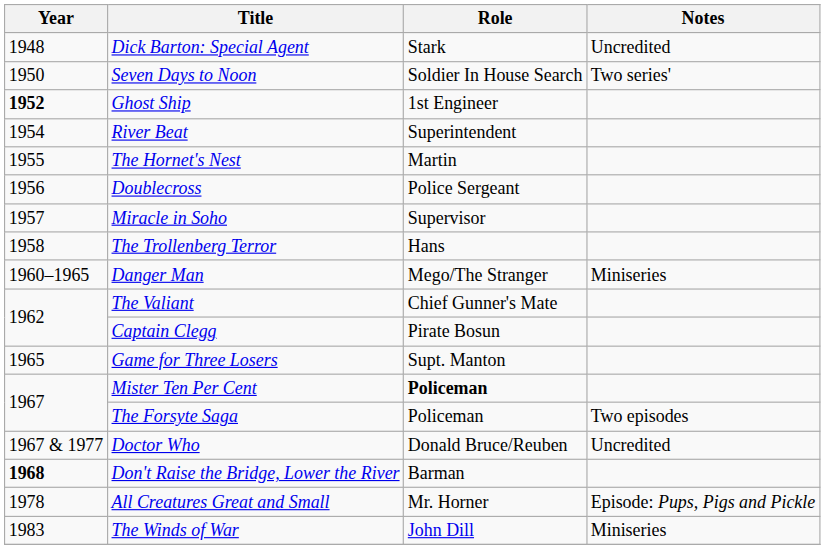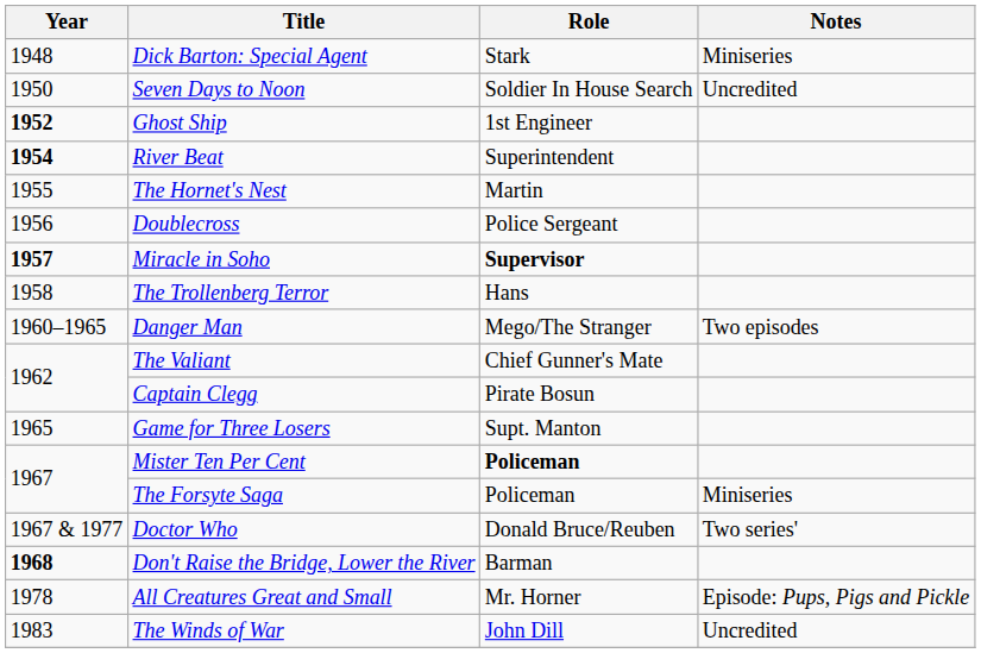 <table class="wikitable">
 <tr>
 <th>Year</th>
 <th>Title</th>
 <th>Role</th>
 <th>Notes</th>
 </tr>
 <tr>
 <td>1948</td>
 <td><em><a href='#'>Dick Barton: Special Agent</a></em></td>
 <td>Stark</td>
-<td>Uncredited</td>
+<td>Miniseries</td>
 </tr>
 <tr>
 <td>1950</td>
 <td><em><a href='#'>Seven Days to Noon</a></em></td>
 <td>Soldier In House Search</td>
-<td>Two series'</td>
+<td>Uncredited</td>
 </tr>
 <tr>
 <td><strong>1952</strong></td>
 <td><em><a href='#'>Ghost Ship</a></em></td>
 <td>1st Engineer</td>
 <td></td>
 </tr>
 <tr>
-<td>1954</td>
+<td><strong>1954</strong></td>
 <td><em><a href='#'>River Beat</a></em></td>
 <td>Superintendent</td>
 <td></td>
 </tr>
 <tr>
 <td>1955</td>
 <td><em><a href='#'>The Hornet's Nest</a></em></td>
 <td>Martin</td>
 <td></td>
 </tr>
 <tr>
 <td>1956</td>
 <td><em><a href='#'>Doublecross</a></em></td>
 <td>Police Sergeant</td>
 <td></td>
 </tr>
 <tr>
-<td>1957</td>
+<td><strong>1957</strong></td>
 <td><em><a href='#'>Miracle in Soho</a></em></td>
-<td>Supervisor</td>
+<td><strong>Supervisor</strong></td>
 <td></td>
 </tr>
 <tr>
 <td>1958</td>
 <td><em><a href='#'>The Trollenberg Terror</a></em></td>
 <td>Hans</td>
 <td></td>
 </tr>
 <tr>
 <td>1960–1965</td>
 <td><em><a href='#'>Danger Man</a></em></td>
 <td>Mego/The Stranger</td>
-<td>Miniseries</td>
+<td>Two episodes</td>
 </tr>
 <tr>
 <td rowspan=2>1962</td>
 <td><em><a href='#'>The Valiant</a></em></td>
 <td>Chief Gunner's Mate</td>
 <td></td>
 </tr>
 <tr>
 <td><em><a href='#'>Captain Clegg</a></em></td>
 <td>Pirate Bosun</td>
 <td></td>
 </tr>
 <tr>
 <td>1965</td>
 <td><em><a href='#'>Game for Three Losers</a></em></td>
 <td>Supt. Manton</td>
 <td></td>
 </tr>
 <tr>
 <td rowspan=2>1967</td>
 <td><em><a href='#'>Mister Ten Per Cent</a></em></td>
 <td><strong>Policeman</strong></td>
 <td></td>
 </tr>
 <tr>
 <td><em><a href='#'>The Forsyte Saga</a></em></td>
 <td>Policeman</td>
-<td>Two episodes</td>
+<td>Miniseries</td>
 </tr>
 <tr>
 <td>1967 & 1977</td>
 <td><em><a href='#'>Doctor Who</a></em></td>
 <td>Donald Bruce/Reuben</td>
-<td>Uncredited</td>
+<td>Two series'</td>
 </tr>
 <tr>
 <td><strong>1968</strong></td>
 <td><em><a href='#'>Don't Raise the Bridge, Lower the River</a></em></td>
 <td>Barman</td>
 <td></td>
 </tr>
 <tr>
 <td>1978</td>
 <td><em><a href='#'>All Creatures Great and Small</a></em></td>
 <td>Mr. Horner</td>
 <td>Episode: <em>Pups, Pigs and Pickle</em></td>
 </tr>
 <tr>
 <td>1983</td>
 <td><em><a href='#'>The Winds of War</a></em></td>
 <td><a href='#'>John Dill</a></td>
-<td>Miniseries</td>
+<td>Uncredited</td>
 </tr>
 <tr>
 </tr>
 </table>
